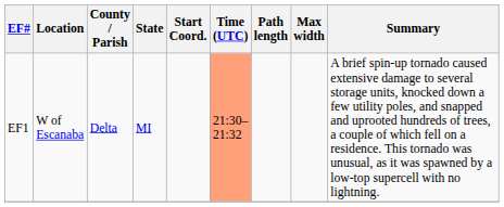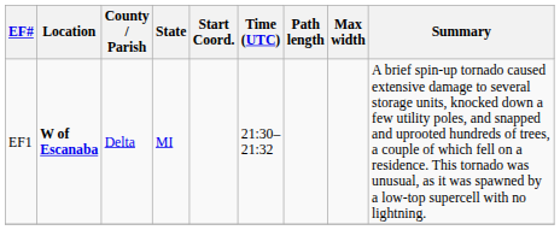 <table class="wikitable sortable" style="width:100%;">
 <tr>
 <th scope="col"  style="width:3%; text-align:center;"><a href='#'>EF#</a></th>
 <th scope="col"  style="width:7%; text-align:center;" class="unsortable">Location</th>
 <th scope="col"  style="width:6%; text-align:center;" class="unsortable">County / Parish</th>
 <th scope="col"  style="width:5%; text-align:center;">State</th>
 <th scope="col"  style="width:6%; text-align:center;">Start Coord.</th>
 <th scope="col"  style="width:6%; text-align:center;">Time (<a href='#'>UTC</a>)</th>
 <th scope="col"  style="width:6%; text-align:center;">Path length</th>
 <th scope="col"  style="width:6%; text-align:center;">Max width</th>
 <th scope="col" class="unsortable" style="width:48%; text-align:center;">Summary</th>
 </tr>
 <tr>
 <td>EF1</td>
-<td>W of <a href='#'>Escanaba</a></td>
+<td><strong>W of <a href='#'>Escanaba</a></strong></td>
 <td><a href='#'>Delta</a></td>
 <td><a href='#'>MI</a></td>
 <td></td>
-<td style="background: lightsalmon;">21:30–21:32</td>
+<td>21:30–21:32</td>
 <td></td>
 <td></td>
 <td>A brief spin-up tornado caused extensive damage to several storage units, knocked down a few utility poles, and snapped and uprooted hundreds of trees, a couple of which fell on a residence. This tornado was unusual, as it was spawned by a low-top supercell with no lightning.</td>
 </tr>
 <tr>
 </tr>
 </table>
